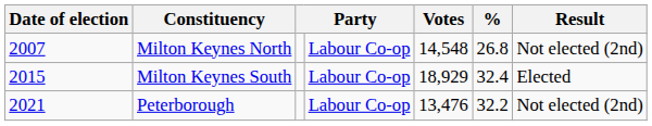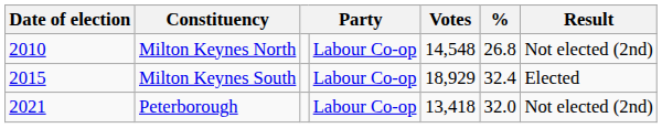 <table class="wikitable">
 <tr>
 <th>Date of election</th>
 <th>Constituency</th>
 <th colspan="2">Party</th>
 <th>Votes</th>
 <th>%</th>
 <th>Result</th>
 </tr>
 <tr>
-<td><a href='#'>2007</a></td>
+<td><a href='#'>2010</a></td>
 <td><a href='#'>Milton Keynes North</a></td>
 <td style="background-color: "></td>
 <td><a href='#'>Labour Co-op</a></td>
 <td>14,548</td>
 <td>26.8</td>
 <td>Not elected (2nd)</td>
 </tr>
 <tr>
 <td><a href='#'>2015</a></td>
 <td><a href='#'>Milton Keynes South</a></td>
 <td style="background-color: "></td>
 <td><a href='#'>Labour Co-op</a></td>
 <td>18,929</td>
 <td>32.4</td>
 <td>Elected</td>
 </tr>
 <tr>
 <td><a href='#'>2021</a></td>
 <td><a href='#'>Peterborough</a></td>
 <td style="background-color: "></td>
 <td><a href='#'>Labour Co-op</a></td>
-<td>13,476</td>
-<td>32.2</td>
+<td>13,418</td>
+<td>32.0</td>
 <td>Not elected (2nd)</td>
 </tr>
 </table>
